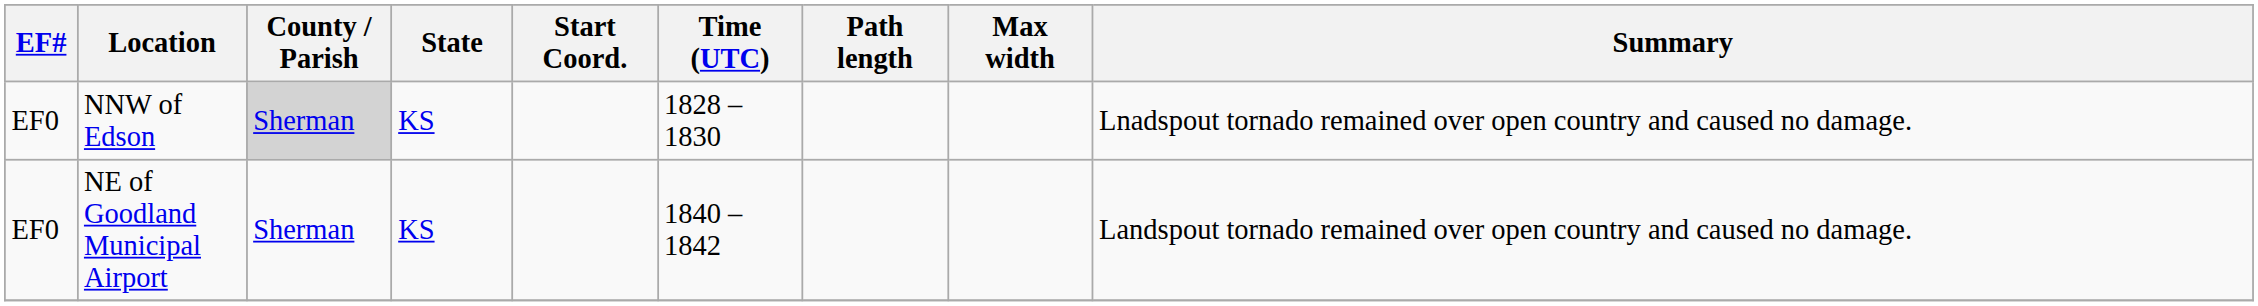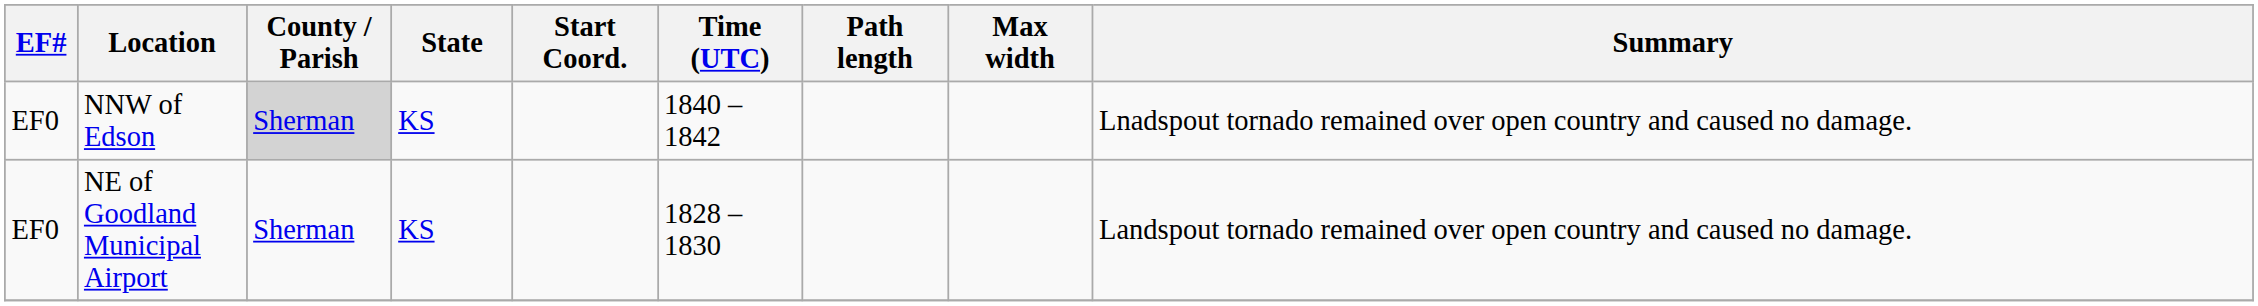 <table class="wikitable sortable" style="width:100%;">
 <tr>
 <th scope="col" width="3%" align="center"><a href='#'>EF#</a></th>
 <th scope="col" width="7%" align="center" class="unsortable">Location</th>
 <th scope="col" width="6%" align="center" class="unsortable">County / Parish</th>
 <th scope="col" width="5%" align="center">State</th>
 <th scope="col" width="6%" align="center">Start Coord.</th>
 <th scope="col" width="6%" align="center">Time (<a href='#'>UTC</a>)</th>
 <th scope="col" width="6%" align="center">Path length</th>
 <th scope="col" width="6%" align="center">Max width</th>
 <th scope="col" width="48%" class="unsortable" align="center">Summary</th>
 </tr>
 <tr>
 <td>EF0</td>
 <td>NNW of <a href='#'>Edson</a></td>
 <td style="background: lightgrey;"><a href='#'>Sherman</a></td>
 <td><a href='#'>KS</a></td>
 <td></td>
-<td>1828 – 1830</td>
+<td>1840 – 1842</td>
 <td></td>
 <td></td>
 <td>Lnadspout tornado remained over open country and caused no damage.</td>
 </tr>
 <tr>
 <td>EF0</td>
 <td>NE of <a href='#'>Goodland Municipal Airport</a></td>
 <td><a href='#'>Sherman</a></td>
 <td><a href='#'>KS</a></td>
 <td></td>
-<td>1840 – 1842</td>
+<td>1828 – 1830</td>
 <td></td>
 <td></td>
 <td>Landspout tornado remained over open country and caused no damage.</td>
 </tr>
 <tr>
 </tr>
 </table>
